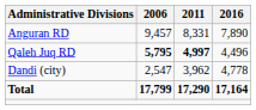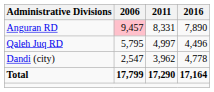 <table class="wikitable">
 <tr>
 <th>Administrative Divisions</th>
 <th>2006</th>
 <th>2011</th>
 <th>2016</th>
 </tr>
 <tr>
 <td><a href='#'>Anguran RD</a></td>
-<td style="text-align: right;">9,457</td>
+<td style="background: pink; text-align: right;">9,457</td>
 <td style="text-align: right;">8,331</td>
 <td style="text-align: right;">7,890</td>
 </tr>
 <tr>
 <td><a href='#'>Qaleh Juq RD</a></td>
-<td style="text-align: right;"><strong>5,795</strong></td>
-<td style="text-align: right;"><strong>4,997</strong></td>
+<td style="text-align: right;">5,795</td>
+<td style="text-align: right;">4,997</td>
 <td style="text-align: right;">4,496</td>
 </tr>
 <tr>
 <td><a href='#'>Dandi</a> (city)</td>
 <td style="text-align: right;">2,547</td>
 <td style="text-align: right;">3,962</td>
 <td style="text-align: right;">4,778</td>
 </tr>
 <tr>
 <td><strong>Total</strong></td>
 <td style="text-align: right;"><strong>17,799</strong></td>
 <td style="text-align: right;"><strong>17,290</strong></td>
 <td style="text-align: right;"><strong>17,164</strong></td>
 </tr>
 <tr>
 <td colspan=4></td>
 </tr>
 </table>
